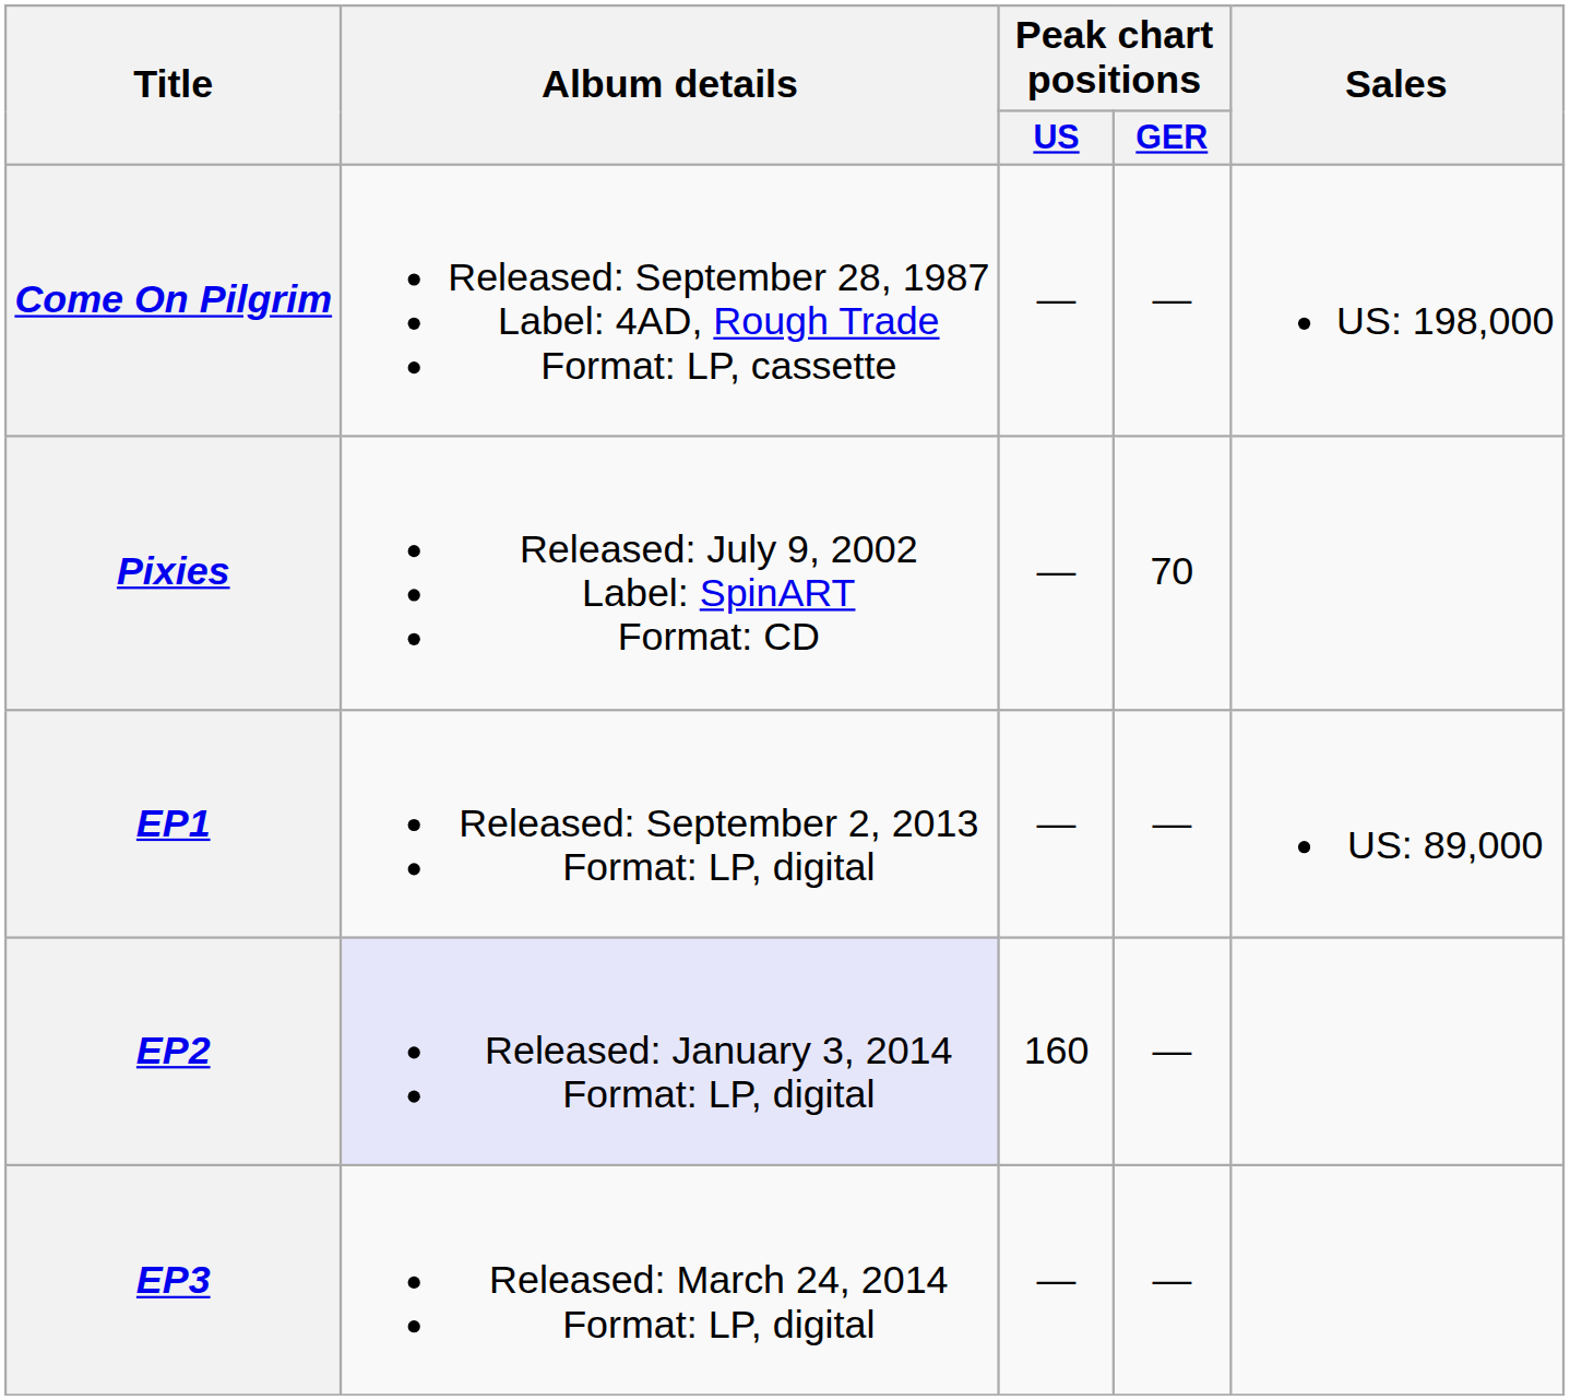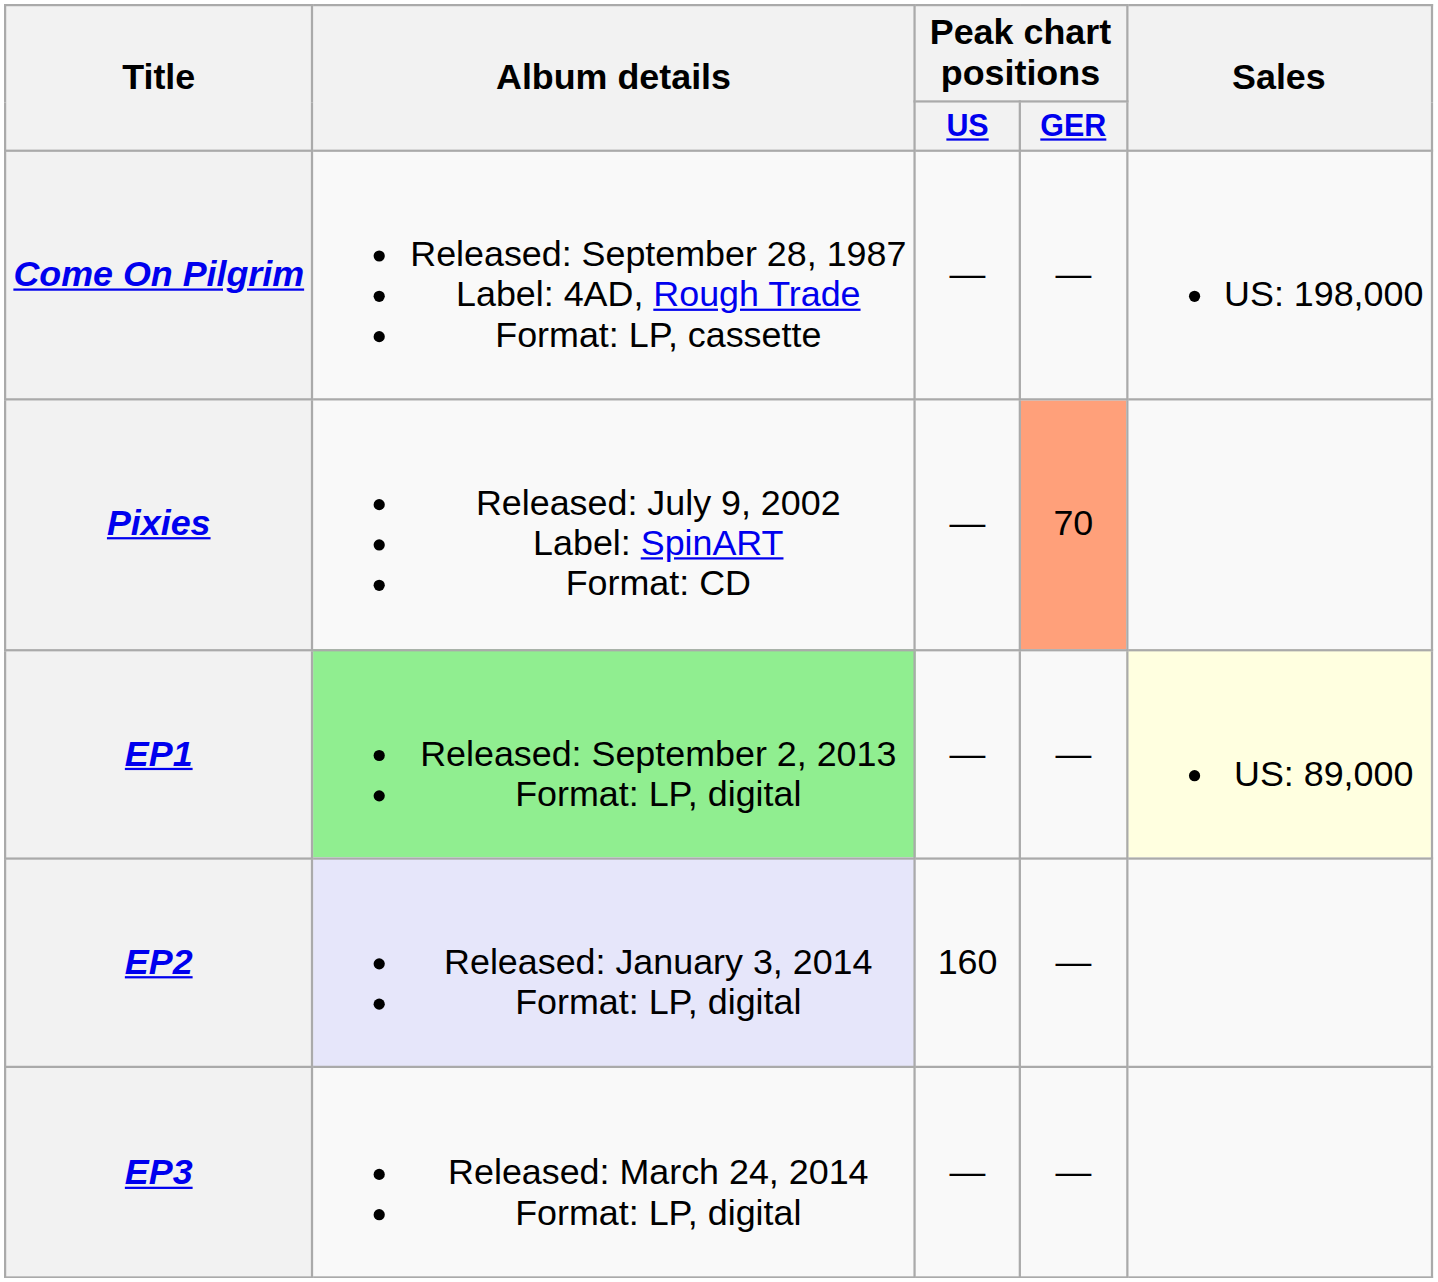 <table class="wikitable plainrowheaders" style="text-align:center;">
 <tr>
 <th rowspan="2">Title</th>
 <th rowspan="2">Album details</th>
 <th colspan="2">Peak chart positions</th>
 <th rowspan="2">Sales</th>
 </tr>
 <tr>
 <th style="width:3em;font-size:85%"><a href='#'>US</a><br></th>
 <th style="width:3em;font-size:85%"><a href='#'>GER</a><br></th>
 </tr>
 <tr>
 <th scope="row"><em><a href='#'>Come On Pilgrim</a></em></th>
 <td><br><ul><li>Released: September 28, 1987</li><li>Label: 4AD, <a href='#'>Rough Trade</a></li><li>Format: LP, cassette</li></ul></td>
 <td>—</td>
 <td>—</td>
 <td><br><ul><li>US: 198,000</li></ul></td>
 </tr>
 <tr>
 <th scope="row"><em><a href='#'>Pixies</a></em></th>
 <td><br><ul><li>Released: July 9, 2002</li><li>Label: <a href='#'>SpinART</a></li><li>Format: CD</li></ul></td>
 <td>—</td>
-<td>70</td>
+<td style="background: lightsalmon;">70</td>
 <td></td>
 </tr>
 <tr>
 <th scope="row"><em><a href='#'>EP1</a></em></th>
-<td><br><ul><li>Released: September 2, 2013</li><li>Format: LP, digital</li></ul></td>
+<td style="background: lightgreen;"><br><ul><li>Released: September 2, 2013</li><li>Format: LP, digital</li></ul></td>
 <td>—</td>
 <td>—</td>
-<td><br><ul><li>US: 89,000</li></ul></td>
+<td style="background: lightyellow;"><br><ul><li>US: 89,000</li></ul></td>
 </tr>
 <tr>
 <th scope="row"><em><a href='#'>EP2</a></em></th>
 <td style="background: lavender;"><br><ul><li>Released: January 3, 2014</li><li>Format: LP, digital</li></ul></td>
 <td>160</td>
 <td>—</td>
 <td></td>
 </tr>
 <tr>
 <th scope="row"><em><a href='#'>EP3</a></em></th>
 <td><br><ul><li>Released: March 24, 2014</li><li>Format: LP, digital</li></ul></td>
 <td>—</td>
 <td>—</td>
 <td></td>
 </tr>
 </table>
